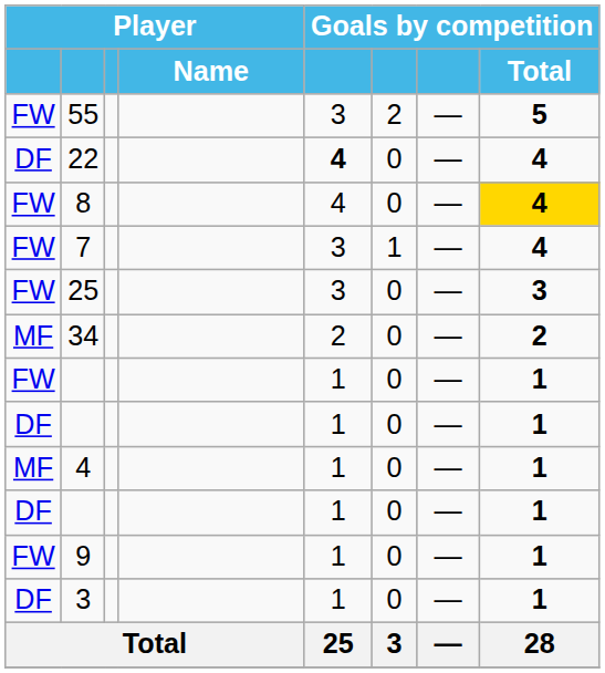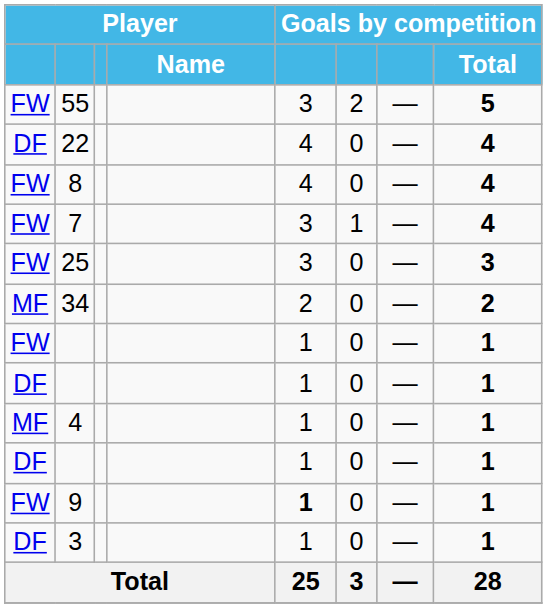 <table class="wikitable sortable" style="text-align:center;">
 <tr>
 <th style="background:#42b7e6; color:#fff;" colspan=4 scope="colgroup">Player</th>
 <th style="background:#42b7e6; color:#fff;" colspan=4 scope="colgroup">Goals by competition</th>
 </tr>
 <tr>
 <th style="background:#42b7e6; color:#fff;" scope="col"></th>
 <th style="background:#42b7e6; color:#fff;" scope="col"></th>
 <th style="background:#42b7e6; color:#fff;" scope="col"></th>
 <th style="background:#42b7e6; color:#fff; width:100px;" scope="col">Name</th>
 <th style="background:#42b7e6; color:#fff;" scope="col"></th>
 <th style="background:#42b7e6; color:#fff;" scope="col"></th>
 <th style="background:#42b7e6; color:#fff;" scope="col"></th>
 <th style="background:#42b7e6; color:#fff;" scope="col">Total</th>
 </tr>
 <tr>
 <td><a href='#'>FW</a></td>
 <td>55</td>
 <td></td>
 <td></td>
 <td>3</td>
 <td>2</td>
 <td>—</td>
 <td><strong>5</strong></td>
 </tr>
 <tr>
 <td><a href='#'>DF</a></td>
 <td>22</td>
 <td></td>
 <td></td>
-<td><strong>4</strong></td>
+<td>4</td>
 <td>0</td>
 <td>—</td>
 <td><strong>4</strong></td>
 </tr>
 <tr>
 <td><a href='#'>FW</a></td>
 <td>8</td>
 <td></td>
 <td></td>
 <td>4</td>
 <td>0</td>
 <td>—</td>
-<td style="background: gold;"><strong>4</strong></td>
+<td><strong>4</strong></td>
 </tr>
 <tr>
 <td><a href='#'>FW</a></td>
 <td>7</td>
 <td></td>
 <td></td>
 <td>3</td>
 <td>1</td>
 <td>—</td>
 <td><strong>4</strong></td>
 </tr>
 <tr>
 <td><a href='#'>FW</a></td>
 <td>25</td>
 <td></td>
 <td></td>
 <td>3</td>
 <td>0</td>
 <td>—</td>
 <td><strong>3</strong></td>
 </tr>
 <tr>
 <td><a href='#'>MF</a></td>
 <td>34</td>
 <td></td>
 <td></td>
 <td>2</td>
 <td>0</td>
 <td>—</td>
 <td><strong>2</strong></td>
 </tr>
 <tr>
 <td><a href='#'>FW</a></td>
 <td></td>
 <td></td>
 <td></td>
 <td>1</td>
 <td>0</td>
 <td>—</td>
 <td><strong>1</strong></td>
 </tr>
 <tr>
 <td><a href='#'>DF</a></td>
 <td></td>
 <td></td>
 <td></td>
 <td>1</td>
 <td>0</td>
 <td>—</td>
 <td><strong>1</strong></td>
 </tr>
 <tr>
 <td><a href='#'>MF</a></td>
 <td>4</td>
 <td></td>
 <td></td>
 <td>1</td>
 <td>0</td>
 <td>—</td>
 <td><strong>1</strong></td>
 </tr>
 <tr>
 <td><a href='#'>DF</a></td>
 <td></td>
 <td></td>
 <td></td>
 <td>1</td>
 <td>0</td>
 <td>—</td>
 <td><strong>1</strong></td>
 </tr>
 <tr>
 <td><a href='#'>FW</a></td>
 <td>9</td>
 <td></td>
 <td></td>
-<td>1</td>
+<td><strong>1</strong></td>
 <td>0</td>
 <td>—</td>
 <td><strong>1</strong></td>
 </tr>
 <tr>
 <td><a href='#'>DF</a></td>
 <td>3</td>
 <td></td>
 <td></td>
 <td>1</td>
 <td>0</td>
 <td>—</td>
 <td><strong>1</strong></td>
 </tr>
 <tr>
 <th colspan=4 scope="row">Total</th>
 <th>25</th>
 <th>3</th>
 <th>—</th>
 <th>28</th>
 </tr>
 <tr>
 </tr>
 </table>
